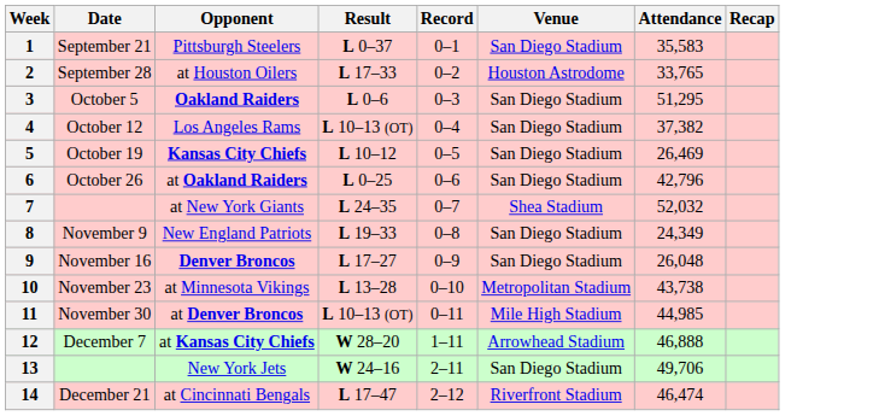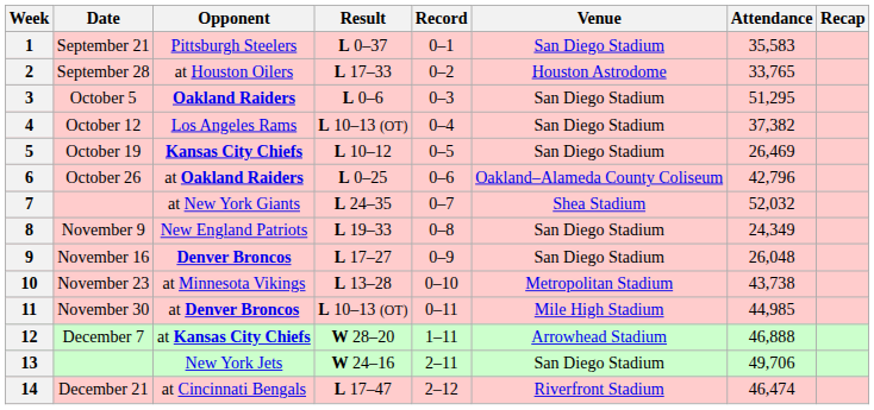 <table class="wikitable" style="text-align:center">
 <tr>
 <th>Week</th>
 <th>Date</th>
 <th>Opponent</th>
 <th>Result</th>
 <th>Record</th>
 <th>Venue</th>
 <th>Attendance</th>
 <th>Recap</th>
 </tr>
 <tr style="background:#fcc">
 <th scope="row">1</th>
 <td>September 21</td>
 <td><a href='#'>Pittsburgh Steelers</a></td>
 <td><strong>L</strong> 0–37</td>
 <td>0–1</td>
 <td><a href='#'>San Diego Stadium</a></td>
 <td>35,583</td>
 <td></td>
 </tr>
 <tr style="background:#fcc">
 <th scope="row">2</th>
 <td>September 28</td>
 <td>at <a href='#'>Houston Oilers</a></td>
 <td><strong>L</strong> 17–33</td>
 <td>0–2</td>
 <td><a href='#'>Houston Astrodome</a></td>
 <td>33,765</td>
 <td></td>
 </tr>
 <tr style="background:#fcc">
 <th scope="row">3</th>
 <td>October 5</td>
 <td><strong><a href='#'>Oakland Raiders</a></strong></td>
 <td><strong>L</strong> 0–6</td>
 <td>0–3</td>
 <td>San Diego Stadium</td>
 <td>51,295</td>
 <td></td>
 </tr>
 <tr style="background:#fcc">
 <th scope="row">4</th>
 <td>October 12</td>
 <td><a href='#'>Los Angeles Rams</a></td>
 <td><strong>L</strong> 10–13 <small>(OT)</small></td>
 <td>0–4</td>
 <td>San Diego Stadium</td>
 <td>37,382</td>
 <td></td>
 </tr>
 <tr style="background:#fcc">
 <th scope="row">5</th>
 <td>October 19</td>
 <td><strong><a href='#'>Kansas City Chiefs</a></strong></td>
 <td><strong>L</strong> 10–12</td>
 <td>0–5</td>
 <td>San Diego Stadium</td>
 <td>26,469</td>
 <td></td>
 </tr>
 <tr style="background:#fcc">
 <th scope="row">6</th>
 <td>October 26</td>
 <td>at <strong><a href='#'>Oakland Raiders</a></strong></td>
 <td><strong>L</strong> 0–25</td>
 <td>0–6</td>
-<td>San Diego Stadium</td>
+<td><a href='#'>Oakland–Alameda County Coliseum</a></td>
 <td>42,796</td>
 <td></td>
 </tr>
 <tr style="background:#fcc">
 <th scope="row">7</th>
 <td></td>
 <td>at <a href='#'>New York Giants</a></td>
 <td><strong>L</strong> 24–35</td>
 <td>0–7</td>
 <td><a href='#'>Shea Stadium</a></td>
 <td>52,032</td>
 <td></td>
 </tr>
 <tr style="background:#fcc">
 <th scope="row">8</th>
 <td>November 9</td>
 <td><a href='#'>New England Patriots</a></td>
 <td><strong>L</strong> 19–33</td>
 <td>0–8</td>
 <td>San Diego Stadium</td>
 <td>24,349</td>
 <td></td>
 </tr>
 <tr style="background:#fcc">
 <th scope="row">9</th>
 <td>November 16</td>
 <td><strong><a href='#'>Denver Broncos</a></strong></td>
 <td><strong>L</strong> 17–27</td>
 <td>0–9</td>
 <td>San Diego Stadium</td>
 <td>26,048</td>
 <td></td>
 </tr>
 <tr style="background:#fcc">
 <th scope="row">10</th>
 <td>November 23</td>
 <td>at <a href='#'>Minnesota Vikings</a></td>
 <td><strong>L</strong> 13–28</td>
 <td>0–10</td>
 <td><a href='#'>Metropolitan Stadium</a></td>
 <td>43,738</td>
 <td></td>
 </tr>
 <tr style="background:#fcc">
 <th scope="row">11</th>
 <td>November 30</td>
 <td>at <strong><a href='#'>Denver Broncos</a></strong></td>
 <td><strong>L</strong> 10–13 <small>(OT)</small></td>
 <td>0–11</td>
 <td><a href='#'>Mile High Stadium</a></td>
 <td>44,985</td>
 <td></td>
 </tr>
 <tr style="background:#cfc">
 <th scope="row">12</th>
 <td>December 7</td>
 <td>at <strong><a href='#'>Kansas City Chiefs</a></strong></td>
 <td><strong>W</strong> 28–20</td>
 <td>1–11</td>
 <td><a href='#'>Arrowhead Stadium</a></td>
 <td>46,888</td>
 <td></td>
 </tr>
 <tr style="background:#cfc">
 <th scope="row">13</th>
 <td></td>
 <td><a href='#'>New York Jets</a></td>
 <td><strong>W</strong> 24–16</td>
 <td>2–11</td>
 <td>San Diego Stadium</td>
 <td>49,706</td>
 <td></td>
 </tr>
 <tr style="background:#fcc">
 <th scope="row">14</th>
 <td>December 21</td>
 <td>at <a href='#'>Cincinnati Bengals</a></td>
 <td><strong>L</strong> 17–47</td>
 <td>2–12</td>
 <td><a href='#'>Riverfront Stadium</a></td>
 <td>46,474</td>
 <td></td>
 </tr>
 </table>
